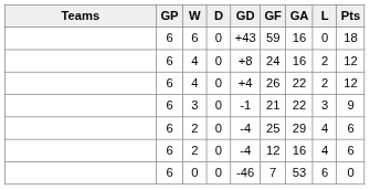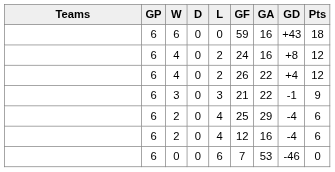 <table style=border-collapse:collapse border=1 cellspacing=0 cellpadding=5>
 <tr align=center bgcolor=#efefef>
 <th width=185>Teams</th>
 <th width=20>GP</th>
 <th width=20>W</th>
 <th width=20>D</th>
-<th width=20>GD</th>
+<th width=20>L</th>
 <th width=20>GF</th>
 <th width=20>GA</th>
-<th width=20>L</th>
+<th width=20>GD</th>
 <th width=20>Pts<br></th>
 </tr>
 <tr align=center>
 <td style="text-align:left;"></td>
 <td>6</td>
 <td>6</td>
 <td>0</td>
-<td>+43</td>
+<td>0</td>
 <td>59</td>
 <td>16</td>
-<td>0</td>
+<td>+43</td>
 <td>18</td>
 </tr>
 <tr align=center>
 <td style="text-align:left;"></td>
 <td>6</td>
 <td>4</td>
 <td>0</td>
-<td>+8</td>
+<td>2</td>
 <td>24</td>
 <td>16</td>
-<td>2</td>
+<td>+8</td>
 <td>12</td>
 </tr>
 <tr align=center>
 <td style="text-align:left;"></td>
 <td>6</td>
 <td>4</td>
 <td>0</td>
-<td>+4</td>
+<td>2</td>
 <td>26</td>
 <td>22</td>
-<td>2</td>
+<td>+4</td>
 <td>12</td>
 </tr>
 <tr align=center>
 <td style="text-align:left;"></td>
 <td>6</td>
 <td>3</td>
 <td>0</td>
-<td>-1</td>
+<td>3</td>
 <td>21</td>
 <td>22</td>
-<td>3</td>
+<td>-1</td>
 <td>9</td>
 </tr>
 <tr align=center>
 <td style="text-align:left;"></td>
 <td>6</td>
 <td>2</td>
 <td>0</td>
-<td>-4</td>
+<td>4</td>
 <td>25</td>
 <td>29</td>
-<td>4</td>
+<td>-4</td>
 <td>6</td>
 </tr>
 <tr align=center>
 <td style="text-align:left;"></td>
 <td>6</td>
 <td>2</td>
 <td>0</td>
-<td>-4</td>
+<td>4</td>
 <td>12</td>
 <td>16</td>
-<td>4</td>
+<td>-4</td>
 <td>6</td>
 </tr>
 <tr align=center>
 <td style="text-align:left;"></td>
 <td>6</td>
 <td>0</td>
 <td>0</td>
-<td>-46</td>
+<td>6</td>
 <td>7</td>
 <td>53</td>
-<td>6</td>
+<td>-46</td>
 <td>0</td>
 </tr>
 </table>
